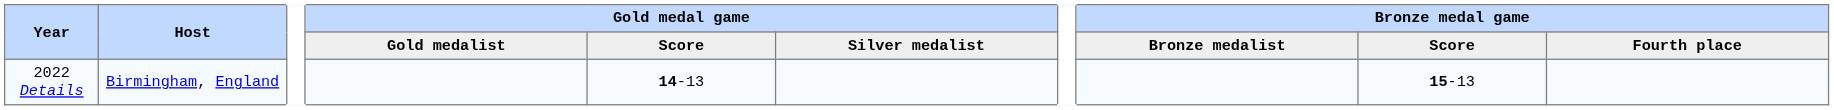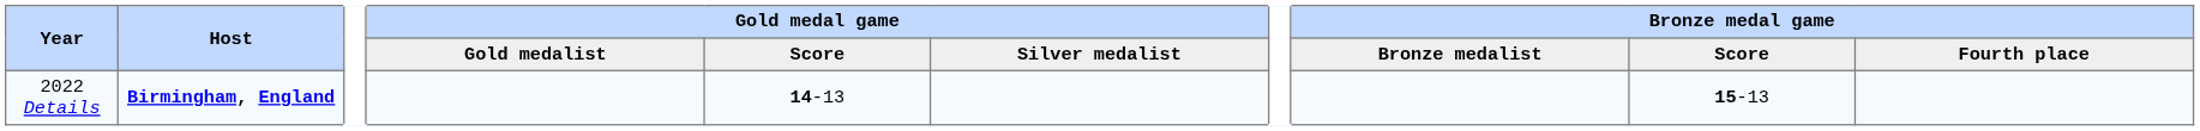 <table border=1 style="border-collapse:collapse; font-size:90%; text-align:center;" cellpadding=3 cellspacing=0>
 <tr bgcolor=#C1D8FF>
 <th rowspan=2 width=5%>Year</th>
 <th rowspan=2 width=10%>Host</th>
 <th rowspan="100%" width=1% bgcolor=white style="border-top:1px solid transparent; border-bottom:1px solid transparent;"></th>
 <th colspan=3>Gold medal game</th>
 <th rowspan="100%" width=1% bgcolor=white style="border-top:1px solid transparent; border-bottom:1px solid transparent;"></th>
 <th colspan=3>Bronze medal game</th>
 </tr>
 <tr bgcolor=#EFEFEF>
 <th width=15%>Gold medalist</th>
 <th width=10%>Score</th>
 <th width=15%>Silver medalist</th>
 <th width=15%>Bronze medalist</th>
 <th width=10%>Score</th>
 <th width=15%>Fourth place</th>
 </tr>
 <tr bgcolor=#F5FAFF>
 <td>2022<br><em><a href='#'>Details</a></em></td>
-<td><a href='#'>Birmingham</a>, <a href='#'>England</a></td>
+<td><strong><a href='#'>Birmingham</a>, <a href='#'>England</a></strong></td>
 <td></td>
 <td><strong>14</strong>-13</td>
 <td></td>
 <td></td>
 <td><strong>15</strong>-13</td>
 <td></td>
 </tr>
 </table>
